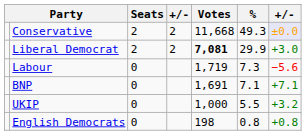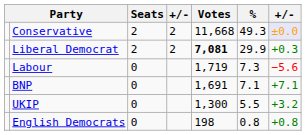 <table class="wikitable">
 <tr>
 <th colspan="2">Party</th>
 <th>Seats</th>
 <th>+/-</th>
 <th>Votes</th>
 <th>%</th>
 <th>+/-</th>
 </tr>
 <tr>
 <td style="background-color: "></td>
 <td><a href='#'>Conservative</a></td>
 <td>2</td>
 <td> 2</td>
 <td>11,668</td>
 <td>49.3</td>
 <td style="background: lavender; color:orange">±0.0</td>
 </tr>
 <tr>
 <td style="background-color: "></td>
 <td><a href='#'>Liberal Democrat</a></td>
 <td>2</td>
 <td> 2</td>
 <td><strong>7,081</strong></td>
 <td>29.9</td>
-<td style="color:green">+3.0</td>
+<td style="color:green">+0.3</td>
 </tr>
 <tr>
 <td style="background-color: "></td>
 <td><a href='#'>Labour</a></td>
 <td>0</td>
 <td></td>
 <td>1,719</td>
 <td>7.3</td>
 <td style="color:red">−5.6</td>
 </tr>
 <tr>
 <td style="background-color: "></td>
 <td><a href='#'>BNP</a></td>
 <td>0</td>
 <td></td>
 <td>1,691</td>
 <td>7.1</td>
 <td style="color:green">+7.1</td>
 </tr>
 <tr>
 <td style="background-color: "></td>
 <td><a href='#'>UKIP</a></td>
 <td>0</td>
 <td></td>
-<td>1,000</td>
+<td>1,300</td>
 <td>5.5</td>
 <td style="color:green">+3.2</td>
 </tr>
 <tr>
 <td style="background-color: "></td>
 <td><a href='#'>English Democrats</a></td>
 <td>0</td>
 <td></td>
 <td>198</td>
 <td>0.8</td>
 <td style="color:green">+0.8</td>
 </tr>
 </table>
